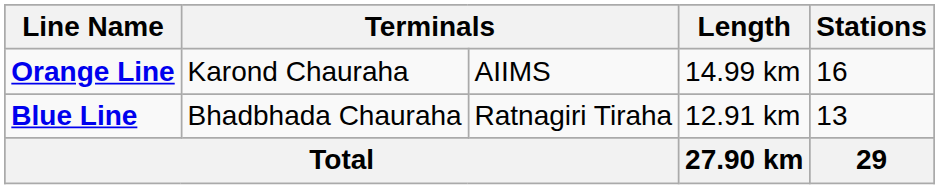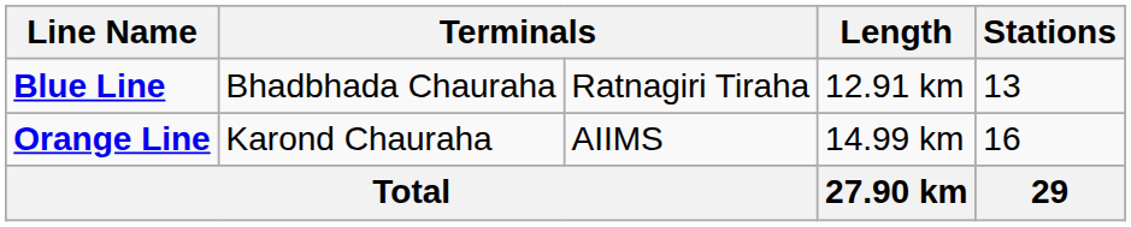 <table class="wikitable">
 <tr>
 <th>Line Name</th>
 <th colspan="2">Terminals</th>
 <th>Length</th>
 <th>Stations</th>
+</tr>
+<tr>
+<td style="background:#"><strong><a href='#'><span>Blue Line</span></a></strong></td>
+<td>Bhadbhada Chauraha</td>
+<td>Ratnagiri Tiraha</td>
+<td>12.91 km</td>
+<td>13</td>
 </tr>
 <tr>
 <td style="background:#"><strong><a href='#'><span>Orange Line</span></a></strong></td>
 <td>Karond Chauraha</td>
 <td>AIIMS</td>
 <td>14.99 km</td>
 <td>16</td>
 </tr>
 <tr>
-<td style="background:#"><strong><a href='#'><span>Blue Line</span></a></strong></td>
-<td>Bhadbhada Chauraha</td>
-<td>Ratnagiri Tiraha</td>
-<td>12.91 km</td>
-<td>13</td>
-</tr>
-<tr>
 <th colspan="3"><strong>Total</strong></th>
 <th>27.90 km</th>
 <th>29</th>
 </tr>
 </table>
